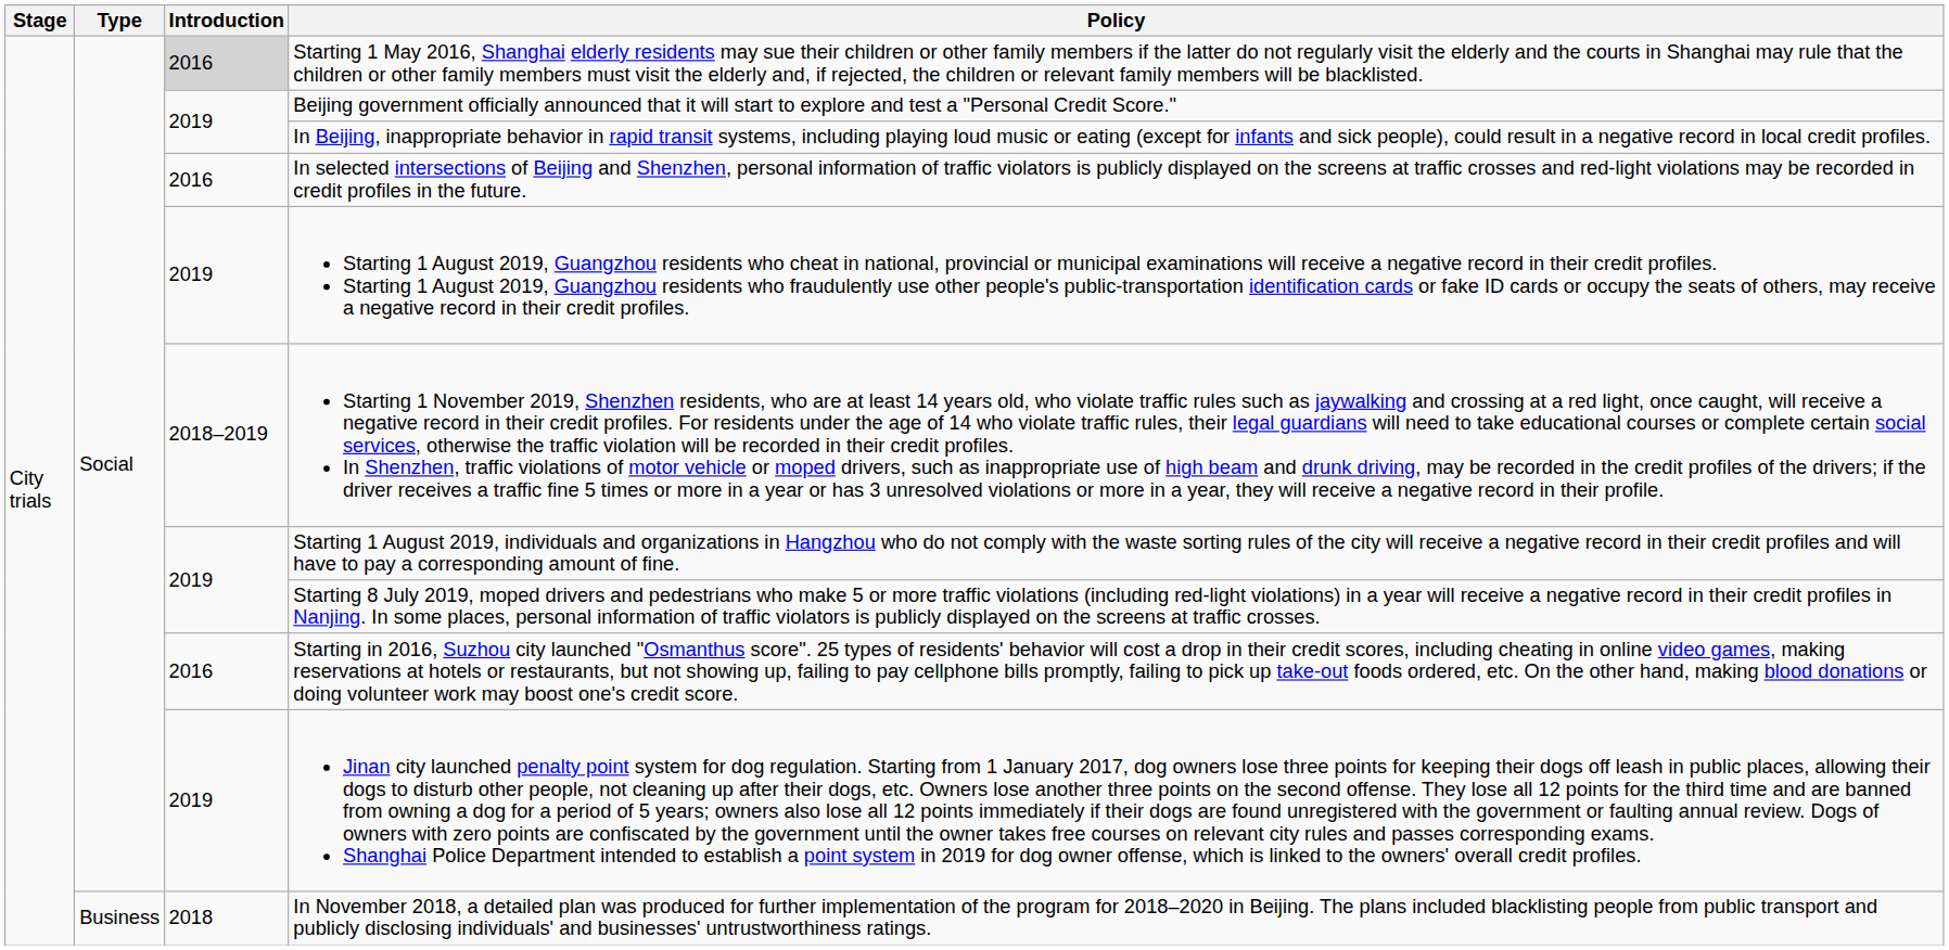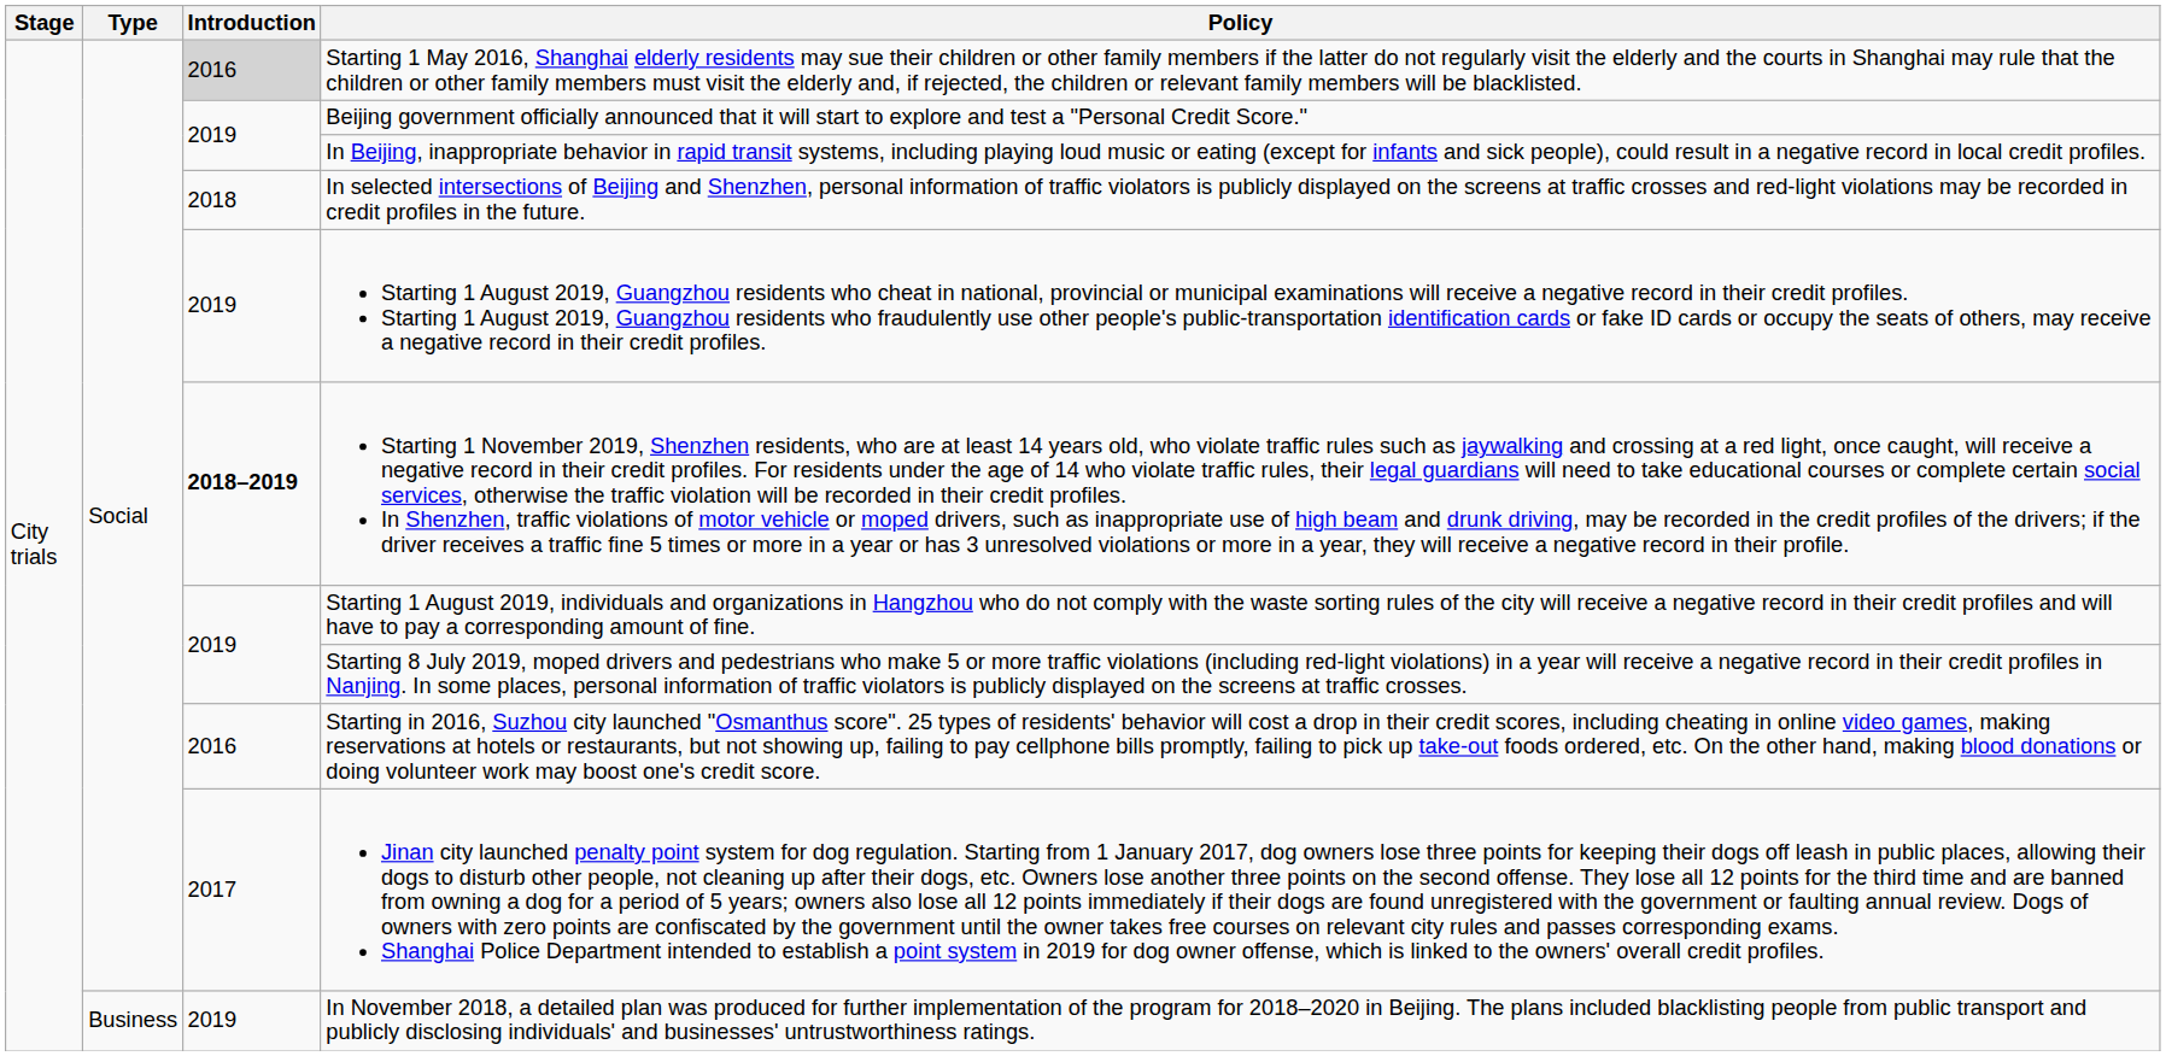 <table class="wikitable">
 <tr>
 <th>Stage</th>
 <th>Type</th>
 <th>Introduction</th>
 <th>Policy</th>
 </tr>
 <tr>
 <td rowspan="11">City trials</td>
 <td rowspan="10">Social</td>
 <td style="background: lightgrey;">2016</td>
 <td>Starting 1 May 2016, <a href='#'>Shanghai</a> <a href='#'>elderly residents</a> may sue their children or other family members if the latter do not regularly visit the elderly and the courts in Shanghai may rule that the children or other family members must visit the elderly and, if rejected, the children or relevant family members will be blacklisted.</td>
 </tr>
 <tr>
 <td rowspan="2">2019</td>
 <td>Beijing government officially announced that it will start to explore and test a "Personal Credit Score."</td>
 </tr>
 <tr>
 <td>In <a href='#'>Beijing</a>, inappropriate behavior in <a href='#'>rapid transit</a> systems, including playing loud music or eating (except for <a href='#'>infants</a> and sick people), could result in a negative record in local credit profiles.</td>
 </tr>
 <tr>
-<td>2016</td>
+<td>2018</td>
 <td>In selected <a href='#'>intersections</a> of <a href='#'>Beijing</a> and <a href='#'>Shenzhen</a>, personal information of traffic violators is publicly displayed on the screens at traffic crosses and red-light violations may be recorded in credit profiles in the future.</td>
 </tr>
 <tr>
 <td>2019</td>
 <td><br><ul><li>Starting 1 August 2019, <a href='#'>Guangzhou</a> residents who cheat in national, provincial or municipal examinations will receive a negative record in their credit profiles.</li><li>Starting 1 August 2019, <a href='#'>Guangzhou</a> residents who fraudulently use other people's public-transportation <a href='#'>identification cards</a> or fake ID cards or occupy the seats of others, may receive a negative record in their credit profiles.</li></ul></td>
 </tr>
 <tr>
-<td>2018–2019</td>
+<td><strong>2018–2019</strong></td>
 <td><br><ul><li>Starting 1 November 2019, <a href='#'>Shenzhen</a> residents, who are at least 14 years old, who violate traffic rules such as <a href='#'>jaywalking</a> and crossing at a red light, once caught, will receive a negative record in their credit profiles. For residents under the age of 14 who violate traffic rules, their <a href='#'>legal guardians</a> will need to take educational courses or complete certain <a href='#'>social services</a>, otherwise the traffic violation will be recorded in their credit profiles.</li><li>In <a href='#'>Shenzhen</a>, traffic violations of <a href='#'>motor vehicle</a> or <a href='#'>moped</a> drivers, such as inappropriate use of <a href='#'>high beam</a> and <a href='#'>drunk driving</a>, may be recorded in the credit profiles of the drivers; if the driver receives a traffic fine 5 times or more in a year or has 3 unresolved violations or more in a year, they will receive a negative record in their profile.</li></ul></td>
 </tr>
 <tr>
 <td rowspan="2">2019</td>
 <td>Starting 1 August 2019, individuals and organizations in <a href='#'>Hangzhou</a> who do not comply with the waste sorting rules of the city will receive a negative record in their credit profiles and will have to pay a corresponding amount of fine.</td>
 </tr>
 <tr>
 <td>Starting 8 July 2019, moped drivers and pedestrians who make 5 or more traffic violations (including red-light violations) in a year will receive a negative record in their credit profiles in <a href='#'>Nanjing</a>. In some places, personal information of traffic violators is publicly displayed on the screens at traffic crosses.</td>
 </tr>
 <tr>
 <td>2016</td>
 <td>Starting in 2016, <a href='#'>Suzhou</a> city launched "<a href='#'>Osmanthus</a> score". 25 types of residents' behavior will cost a drop in their credit scores, including cheating in online <a href='#'>video games</a>, making reservations at hotels or restaurants, but not showing up, failing to pay cellphone bills promptly, failing to pick up <a href='#'>take-out</a> foods ordered, etc. On the other hand, making <a href='#'>blood donations</a> or doing volunteer work may boost one's credit score.</td>
 </tr>
 <tr>
-<td>2019</td>
+<td>2017</td>
 <td><br><ul><li><a href='#'>Jinan</a> city launched <a href='#'>penalty point</a> system for dog regulation. Starting from 1 January 2017, dog owners lose three points for keeping their dogs off leash in public places, allowing their dogs to disturb other people, not cleaning up after their dogs, etc. Owners lose another three points on the second offense. They lose all 12 points for the third time and are banned from owning a dog for a period of 5 years; owners also lose all 12 points immediately if their dogs are found unregistered with the government or faulting annual review. Dogs of owners with zero points are confiscated by the government until the owner takes free courses on relevant city rules and passes corresponding exams.</li><li><a href='#'>Shanghai</a> Police Department intended to establish a <a href='#'>point system</a> in 2019 for dog owner offense, which is linked to the owners' overall credit profiles.</li></ul></td>
 </tr>
 <tr>
 <td>Business</td>
-<td>2018</td>
+<td>2019</td>
 <td>In November 2018, a detailed plan was produced for further implementation of the program for 2018–2020 in Beijing. The plans included blacklisting people from public transport and publicly disclosing individuals' and businesses' untrustworthiness ratings.</td>
 </tr>
 </table>
